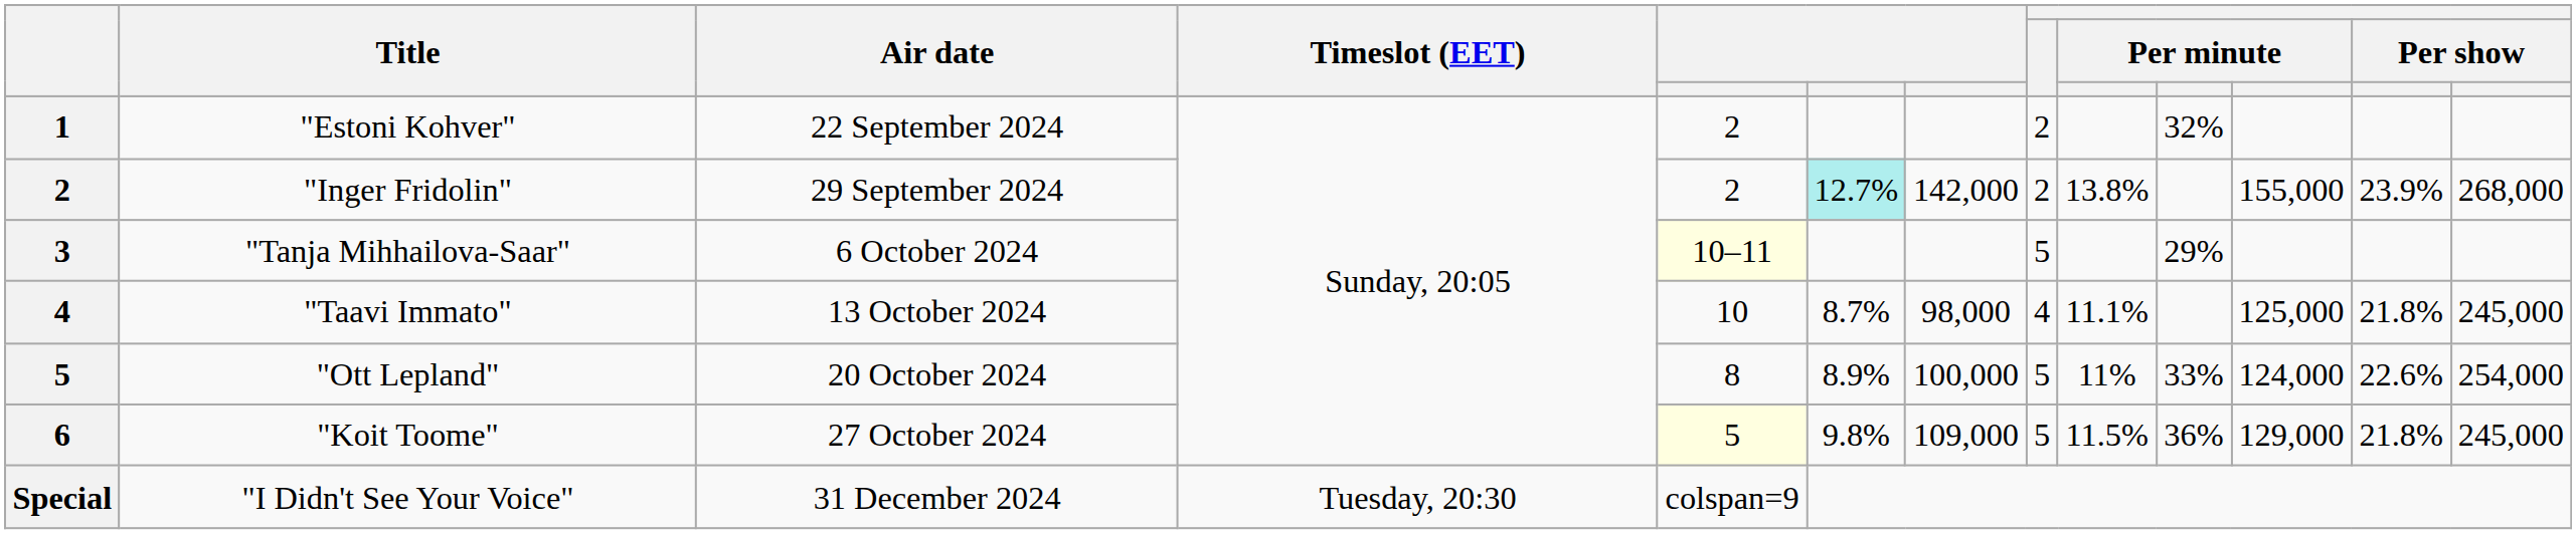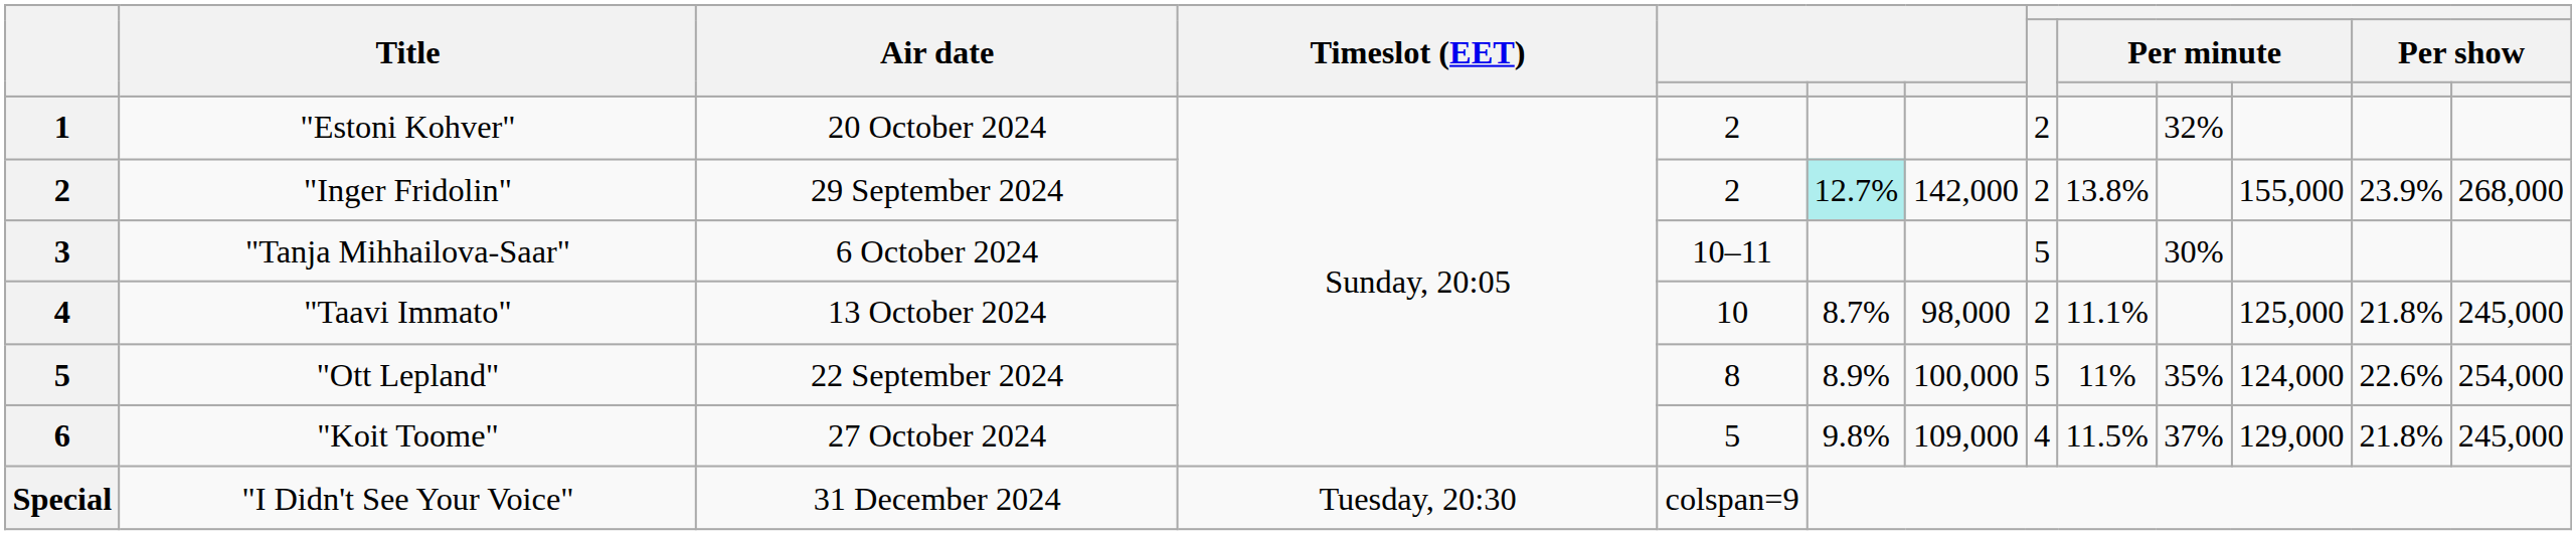 <table class="sortable wikitable plainrowheaders mw-collapsible" style="text-align:center; line-height:23px; width:100%;">
 <tr>
 <th rowspan=3 class="unsortable"></th>
 <th width=24% rowspan=3 class="unsortable">Title</th>
 <th width=20% rowspan=3 class="unsortable">Air date</th>
 <th width=20% rowspan=3 class="unsortable">Timeslot (<a href='#'>EET</a>)</th>
 <th colspan=3 rowspan=2></th>
 <th colspan=6></th>
 </tr>
 <tr>
 <th class="unsortable" rowspan=2></th>
 <th colspan=3>Per minute</th>
 <th colspan=2>Per show</th>
 </tr>
 <tr>
 <th class="unsortable"></th>
 <th></th>
 <th></th>
 <th></th>
 <th></th>
 <th></th>
 <th></th>
 <th></th>
 </tr>
 <tr>
 <th>1</th>
 <td>"Estoni Kohver"</td>
-<td>22 September 2024</td>
+<td>20 October 2024</td>
 <td rowspan=6>Sunday, 20:05</td>
 <td>2</td>
 <td></td>
 <td></td>
 <td>2</td>
 <td></td>
 <td>32%</td>
 <td></td>
 <td></td>
 <td></td>
 </tr>
 <tr>
 <th>2</th>
 <td>"Inger Fridolin"</td>
 <td>29 September 2024</td>
 <td>2</td>
 <td style="background: paleturquoise;">12.7%</td>
 <td>142,000</td>
 <td>2</td>
 <td>13.8%</td>
 <td></td>
 <td>155,000</td>
 <td>23.9%</td>
 <td>268,000</td>
 </tr>
 <tr>
 <th>3</th>
 <td>"Tanja Mihhailova-Saar"</td>
 <td>6 October 2024</td>
-<td style="background: lightyellow;">10–11</td>
+<td>10–11</td>
 <td></td>
 <td></td>
 <td>5</td>
 <td></td>
-<td>29%</td>
+<td>30%</td>
 <td></td>
 <td></td>
 <td></td>
 </tr>
 <tr>
 <th>4</th>
 <td>"Taavi Immato"</td>
 <td>13 October 2024</td>
 <td>10</td>
 <td>8.7%</td>
 <td>98,000</td>
-<td>4</td>
+<td>2</td>
 <td>11.1%</td>
 <td></td>
 <td>125,000</td>
 <td>21.8%</td>
 <td>245,000</td>
 </tr>
 <tr>
 <th>5</th>
 <td>"Ott Lepland"</td>
-<td>20 October 2024</td>
+<td>22 September 2024</td>
 <td>8</td>
 <td>8.9%</td>
 <td>100,000</td>
 <td>5</td>
 <td>11%</td>
-<td>33%</td>
+<td>35%</td>
 <td>124,000</td>
 <td>22.6%</td>
 <td>254,000</td>
 </tr>
 <tr>
 <th>6</th>
 <td>"Koit Toome"</td>
 <td>27 October 2024</td>
-<td style="background: lightyellow;">5</td>
+<td>5</td>
 <td>9.8%</td>
 <td>109,000</td>
-<td>5</td>
+<td>4</td>
 <td>11.5%</td>
-<td>36%</td>
+<td>37%</td>
 <td>129,000</td>
 <td>21.8%</td>
 <td>245,000</td>
 </tr>
 <tr>
 <th>Special</th>
 <td>"I Didn't See Your Voice"</td>
 <td>31 December 2024</td>
 <td>Tuesday, 20:30</td>
 <td>colspan=9 </td>
 </tr>
 </table>
